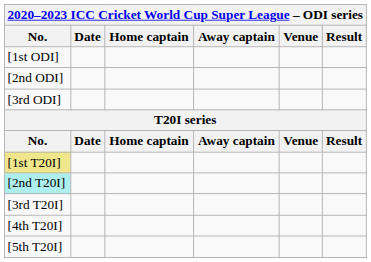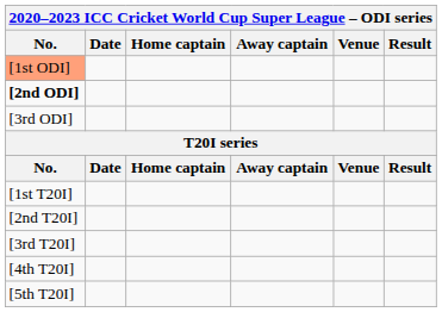 <table class="wikitable">
 <tr>
 <th colspan="9"><a href='#'>2020–2023 ICC Cricket World Cup Super League</a> – ODI series</th>
 </tr>
 <tr>
 <th>No.</th>
 <th>Date</th>
 <th>Home captain</th>
 <th>Away captain</th>
 <th>Venue</th>
 <th>Result</th>
 </tr>
 <tr>
-<td>[1st ODI]</td>
+<td style="background: lightsalmon;">[1st ODI]</td>
 <td></td>
 <td></td>
 <td></td>
 <td></td>
 <td></td>
 </tr>
 <tr>
-<td>[2nd ODI]</td>
+<td><strong>[2nd ODI]</strong></td>
 <td></td>
 <td></td>
 <td></td>
 <td></td>
 <td></td>
 </tr>
 <tr>
 <td>[3rd ODI]</td>
 <td></td>
 <td></td>
 <td></td>
 <td></td>
 <td></td>
 </tr>
 <tr>
 <th colspan="9">T20I series</th>
 </tr>
 <tr>
 <th>No.</th>
 <th>Date</th>
 <th>Home captain</th>
 <th>Away captain</th>
 <th>Venue</th>
 <th>Result</th>
 </tr>
 <tr>
-<td style="background: khaki;">[1st T20I]</td>
+<td>[1st T20I]</td>
 <td></td>
 <td></td>
 <td></td>
 <td></td>
 <td></td>
 </tr>
 <tr>
-<td style="background: paleturquoise;">[2nd T20I]</td>
+<td>[2nd T20I]</td>
 <td></td>
 <td></td>
 <td></td>
 <td></td>
 <td></td>
 </tr>
 <tr>
 <td>[3rd T20I]</td>
 <td></td>
 <td></td>
 <td></td>
 <td></td>
 <td></td>
 </tr>
 <tr>
 <td>[4th T20I]</td>
 <td></td>
 <td></td>
 <td></td>
 <td></td>
 <td></td>
 </tr>
 <tr>
 <td>[5th T20I]</td>
 <td></td>
 <td></td>
 <td></td>
 <td></td>
 <td></td>
 </tr>
 </table>
